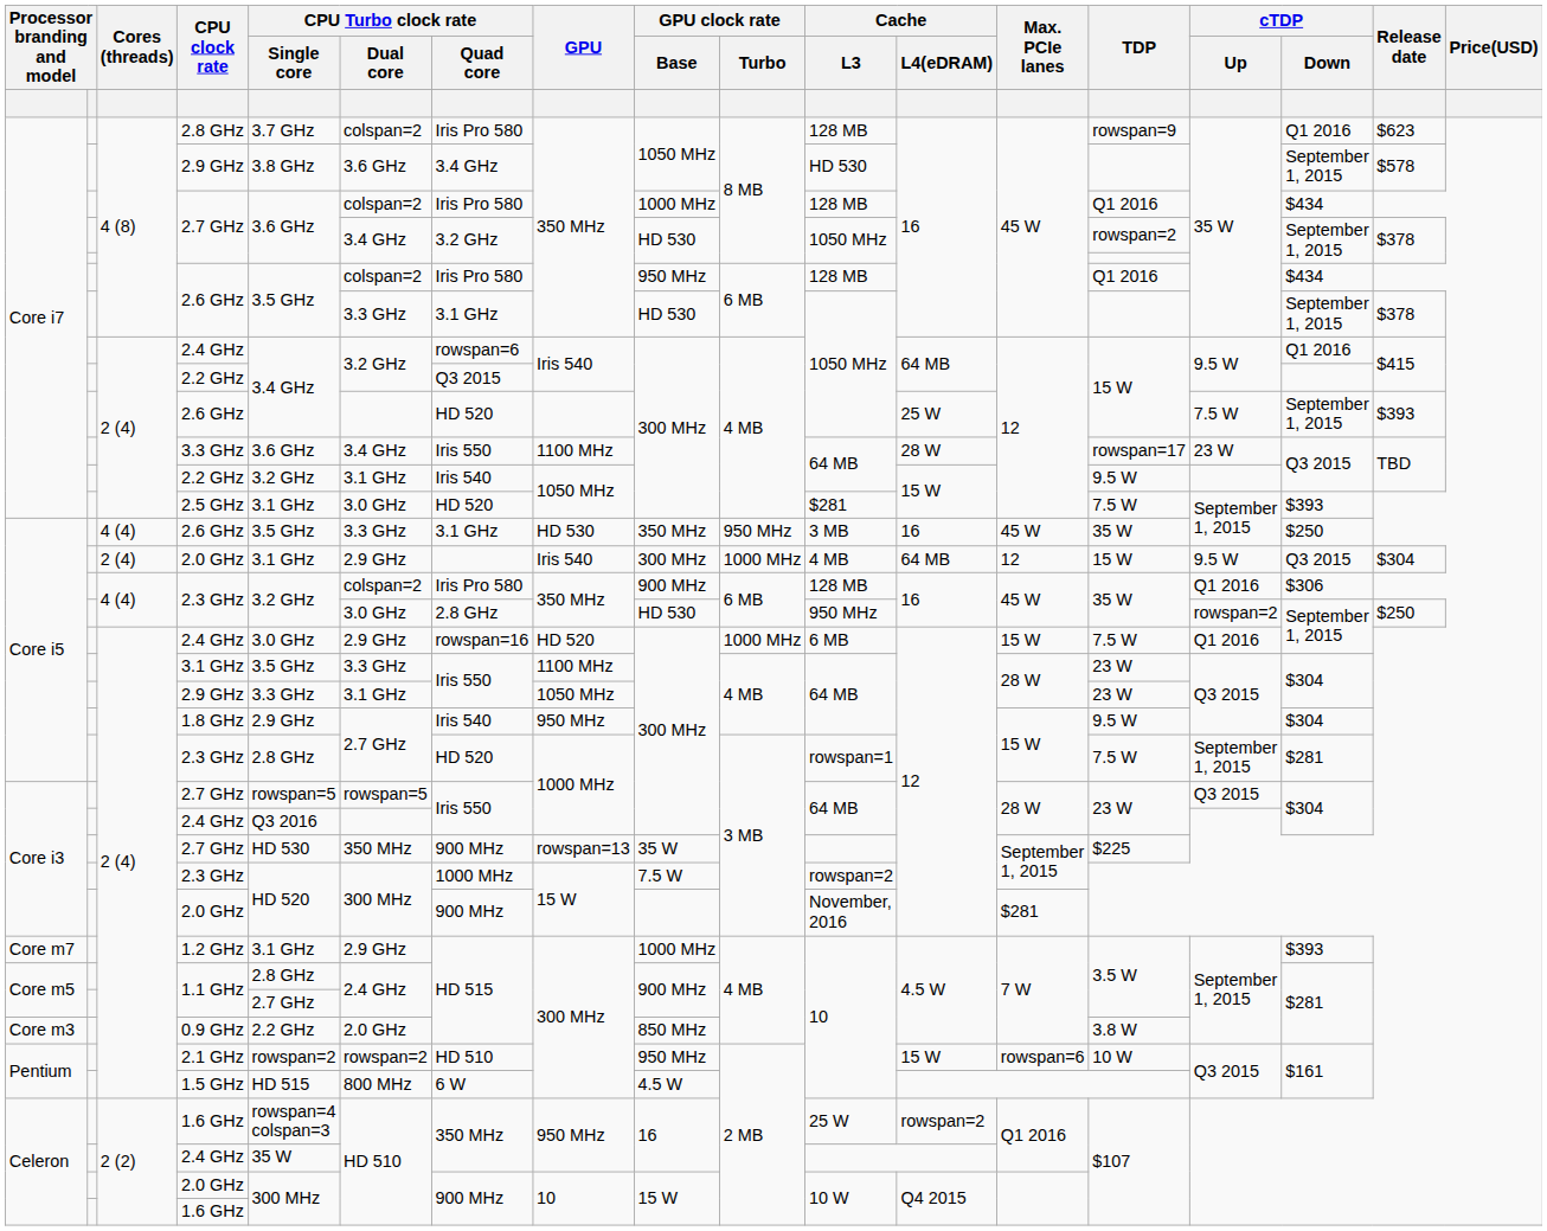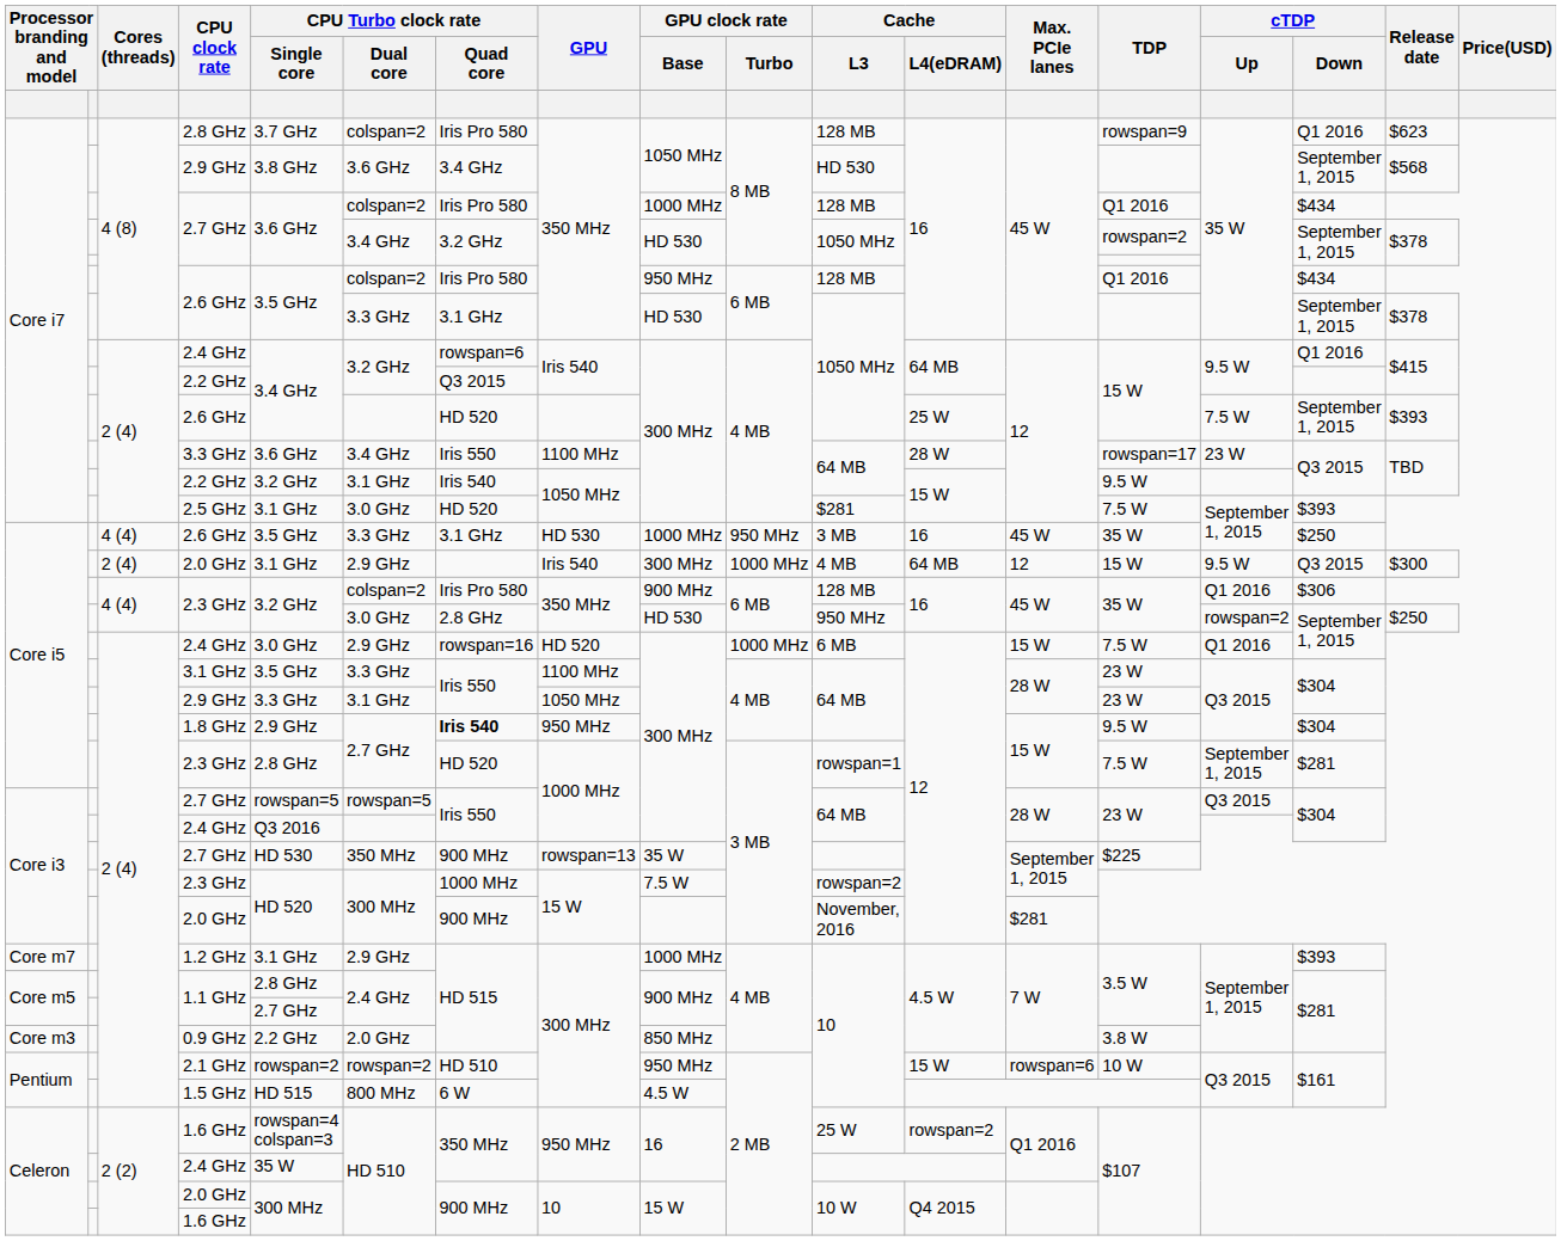 <table class="wikitable sortable mw-datatable" style=text-align: center;>
 <tr>
 <th rowspan=2 colspan=2>Processor<br>branding and<br>model</th>
 <th rowspan=2>Cores<br>(threads)</th>
 <th rowspan=2>CPU<br><a href='#'>clock<br>rate</a></th>
 <th colspan=3>CPU <a href='#'>Turbo</a> clock rate</th>
 <th rowspan=2><a href='#'>GPU</a></th>
 <th colspan=2>GPU clock rate</th>
 <th colspan="2">Cache</th>
 <th rowspan=2>Max.<br>PCIe<br>lanes</th>
 <th rowspan=2 data-sort-type=number>TDP</th>
 <th colspan=2><a href='#'>cTDP</a></th>
 <th rowspan=2>Release date</th>
 <th rowspan=2>Price(USD)</th>
 </tr>
 <tr>
 <th>Single<br>core</th>
 <th>Dual<br>core </th>
 <th>Quad<br>core </th>
 <th>Base</th>
 <th>Turbo</th>
 <th>L3</th>
 <th>L4(eDRAM)</th>
 <th data-sort-type="number">Up</th>
 <th data-sort-type=number>Down</th>
 </tr>
 <tr>
 <th style="background-position:center"><br></th>
 <th style="background-position:center"></th>
 <th style="background-position:center"></th>
 <th style="background-position:center"></th>
 <th style="background-position:center"></th>
 <th style="background-position:center"></th>
 <th style="background-position:center"></th>
 <th style="background-position:center"></th>
 <th style="background-position:center"></th>
 <th style="background-position:center"></th>
 <th style="background-position:center"></th>
 <th style="background-position:center"></th>
 <th style="background-position:center"></th>
 <th style="background-position:center"></th>
 <th style="background-position:center"></th>
 <th style="background-position:center"></th>
 <th style="background-position:center"></th>
 <th style="background-position:center"></th>
 </tr>
 <tr>
 <td rowspan=13>Core i7</td>
 <td></td>
 <td rowspan=7>4 (8)</td>
 <td>2.8 GHz</td>
 <td>3.7 GHz</td>
 <td>colspan=2 </td>
 <td>Iris Pro 580</td>
 <td rowspan=7>350 MHz</td>
 <td rowspan=2>1050 MHz</td>
 <td rowspan=5>8 MB</td>
 <td>128 MB</td>
 <td rowspan=7>16</td>
 <td rowspan=7>45 W</td>
 <td>rowspan=9 </td>
 <td rowspan=7>35 W</td>
 <td>Q1 2016</td>
 <td>$623</td>
 </tr>
 <tr>
 <td><strong></strong></td>
 <td>2.9 GHz</td>
 <td>3.8 GHz</td>
 <td>3.6 GHz</td>
 <td>3.4 GHz</td>
 <td>HD 530</td>
 <td></td>
 <td>September 1, 2015</td>
-<td>$578</td>
+<td>$568</td>
 </tr>
 <tr>
 <td></td>
 <td rowspan=3>2.7 GHz</td>
 <td rowspan=3>3.6 GHz</td>
 <td>colspan=2 </td>
 <td>Iris Pro 580</td>
 <td>1000 MHz</td>
 <td>128 MB</td>
 <td>Q1 2016</td>
 <td>$434</td>
 </tr>
 <tr>
 <td><strong></strong></td>
 <td rowspan=2>3.4 GHz</td>
 <td rowspan=2>3.2 GHz</td>
 <td rowspan=2>HD 530</td>
 <td rowspan=2>1050 MHz</td>
 <td>rowspan=2 </td>
 <td rowspan=2>September 1, 2015</td>
 <td rowspan=2>$378</td>
 </tr>
 <tr>
 <td><strong></strong></td>
 </tr>
 <tr>
 <td></td>
 <td rowspan=2>2.6 GHz</td>
 <td rowspan=2>3.5 GHz</td>
 <td>colspan=2 </td>
 <td>Iris Pro 580</td>
 <td>950 MHz</td>
 <td rowspan=2>6 MB</td>
 <td>128 MB</td>
 <td>Q1 2016</td>
 <td>$434</td>
 </tr>
 <tr>
 <td><strong></strong></td>
 <td>3.3 GHz</td>
 <td>3.1 GHz</td>
 <td>HD 530</td>
 <td rowspan=4>1050 MHz</td>
 <td></td>
 <td>September 1, 2015</td>
 <td>$378</td>
 </tr>
 <tr>
 <td><strong></strong></td>
 <td rowspan=6>2 (4)</td>
 <td>2.4 GHz</td>
 <td rowspan=3>3.4 GHz</td>
 <td rowspan=2>3.2 GHz</td>
 <td>rowspan=6 </td>
 <td rowspan=2>Iris 540</td>
 <td rowspan=6>300 MHz</td>
 <td rowspan=6>4 MB</td>
 <td rowspan=2>64 MB</td>
 <td rowspan=6>12</td>
 <td rowspan=3>15 W</td>
 <td rowspan=2>9.5 W</td>
 <td>Q1 2016</td>
 <td rowspan=2>$415</td>
 </tr>
 <tr>
 <td><strong></strong></td>
 <td>2.2 GHz</td>
 <td>Q3 2015</td>
 </tr>
 <tr>
 <td><strong></strong></td>
 <td>2.6 GHz</td>
 <td></td>
 <td>HD 520</td>
 <td></td>
 <td>25 W</td>
 <td>7.5 W</td>
 <td>September 1, 2015</td>
 <td>$393</td>
 </tr>
 <tr>
 <td><strong></strong></td>
 <td>3.3 GHz</td>
 <td>3.6 GHz</td>
 <td>3.4 GHz</td>
 <td>Iris 550</td>
 <td>1100 MHz</td>
 <td rowspan=2>64 MB</td>
 <td>28 W</td>
 <td>rowspan=17 </td>
 <td>23 W</td>
 <td rowspan=2>Q3 2015</td>
 <td rowspan=2>TBD</td>
 </tr>
 <tr>
 <td><strong></strong></td>
 <td>2.2 GHz</td>
 <td>3.2 GHz</td>
 <td>3.1 GHz</td>
 <td>Iris 540</td>
 <td rowspan=2>1050 MHz</td>
 <td rowspan=2>15 W</td>
 <td>9.5 W</td>
 </tr>
 <tr>
 <td><strong></strong></td>
 <td>2.5 GHz</td>
 <td>3.1 GHz</td>
 <td>3.0 GHz</td>
 <td>HD 520</td>
 <td>$281</td>
 <td>7.5 W</td>
 <td rowspan=2>September 1, 2015</td>
 <td>$393</td>
 </tr>
 <tr>
 <td rowspan=9>Core i5</td>
 <td><strong></strong></td>
 <td>4 (4)</td>
 <td>2.6 GHz</td>
 <td>3.5 GHz</td>
 <td>3.3 GHz</td>
 <td>3.1 GHz</td>
 <td>HD 530</td>
-<td>350 MHz</td>
+<td>1000 MHz</td>
 <td>950 MHz</td>
 <td>3 MB</td>
 <td>16</td>
 <td>45 W</td>
 <td>35 W</td>
 <td>$250</td>
 </tr>
 <tr>
 <td><strong></strong></td>
 <td>2 (4)</td>
 <td>2.0 GHz</td>
 <td>3.1 GHz</td>
 <td>2.9 GHz</td>
 <td></td>
 <td>Iris 540</td>
 <td>300 MHz</td>
 <td>1000 MHz</td>
 <td>4 MB</td>
 <td>64 MB</td>
 <td>12</td>
 <td>15 W</td>
 <td>9.5 W</td>
 <td>Q3 2015</td>
-<td>$304</td>
+<td>$300</td>
 </tr>
 <tr>
 <td></td>
 <td rowspan=2>4 (4)</td>
 <td rowspan=2>2.3 GHz</td>
 <td rowspan=2>3.2 GHz</td>
 <td>colspan=2 </td>
 <td>Iris Pro 580</td>
 <td rowspan=2>350 MHz</td>
 <td>900 MHz</td>
 <td rowspan=2>6 MB</td>
 <td>128 MB</td>
 <td rowspan=2>16</td>
 <td rowspan=2>45 W</td>
 <td rowspan=2>35 W</td>
 <td>Q1 2016</td>
 <td>$306</td>
 </tr>
 <tr>
 <td><strong></strong></td>
 <td>3.0 GHz</td>
 <td>2.8 GHz</td>
 <td>HD 530</td>
 <td>950 MHz</td>
 <td>rowspan=2 </td>
 <td rowspan=2>September 1, 2015</td>
 <td>$250</td>
 </tr>
 <tr>
 <td><strong></strong></td>
 <td rowspan=16>2 (4)</td>
 <td>2.4 GHz</td>
 <td>3.0 GHz</td>
 <td>2.9 GHz</td>
 <td>rowspan=16 </td>
 <td>HD 520</td>
 <td rowspan=7>300 MHz</td>
 <td>1000 MHz</td>
 <td>6 MB</td>
 <td rowspan=10>12</td>
 <td>15 W</td>
 <td>7.5 W</td>
 <td>Q1 2016</td>
 </tr>
 <tr>
 <td><strong></strong></td>
 <td>3.1 GHz</td>
 <td>3.5 GHz</td>
 <td>3.3 GHz</td>
 <td rowspan=2>Iris 550</td>
 <td>1100 MHz</td>
 <td rowspan=3>4 MB</td>
 <td rowspan=3>64 MB</td>
 <td rowspan=2>28 W</td>
 <td>23 W</td>
 <td rowspan=3>Q3 2015</td>
 <td rowspan=2>$304</td>
 </tr>
 <tr>
 <td><strong></strong></td>
 <td>2.9 GHz</td>
 <td>3.3 GHz</td>
 <td>3.1 GHz</td>
 <td>1050 MHz</td>
 <td>23 W</td>
 </tr>
 <tr>
 <td><strong></strong></td>
 <td>1.8 GHz</td>
 <td>2.9 GHz</td>
 <td rowspan=2>2.7 GHz</td>
-<td>Iris 540</td>
+<td><strong>Iris 540</strong></td>
 <td>950 MHz</td>
 <td rowspan=2>15 W</td>
 <td>9.5 W</td>
 <td>$304</td>
 </tr>
 <tr>
 <td><strong></strong></td>
 <td>2.3 GHz</td>
 <td>2.8 GHz</td>
 <td>HD 520</td>
 <td rowspan=3>1000 MHz</td>
 <td rowspan=6>3 MB</td>
 <td>rowspan=1 </td>
 <td>7.5 W</td>
 <td>September 1, 2015</td>
 <td>$281</td>
 </tr>
 <tr>
 <td rowspan=5>Core i3</td>
 <td><strong></strong></td>
 <td>2.7 GHz</td>
 <td>rowspan=5 </td>
 <td>rowspan=5 </td>
 <td rowspan=2>Iris 550</td>
 <td rowspan=2>64 MB</td>
 <td rowspan=2>28 W</td>
 <td rowspan=2>23 W</td>
 <td>Q3 2015</td>
 <td rowspan=2>$304</td>
 </tr>
 <tr>
 <td><strong></strong></td>
 <td>2.4 GHz</td>
 <td>Q3 2016</td>
 </tr>
 <tr>
 <td><strong></strong></td>
 <td>2.7 GHz</td>
 <td>HD 530</td>
 <td>350 MHz</td>
 <td>900 MHz</td>
 <td>rowspan=13 </td>
 <td>35 W</td>
 <td></td>
 <td rowspan=2>September 1, 2015</td>
 <td>$225</td>
 </tr>
 <tr>
 <td><strong></strong></td>
 <td>2.3 GHz</td>
 <td rowspan=2>HD 520</td>
 <td rowspan=2>300 MHz</td>
 <td>1000 MHz</td>
 <td rowspan=2>15 W</td>
 <td>7.5 W</td>
 <td>rowspan=2 </td>
 </tr>
 <tr>
 <td><strong></strong></td>
 <td>2.0 GHz</td>
 <td>900 MHz</td>
 <td></td>
 <td>November, 2016</td>
 <td>$281</td>
 </tr>
 <tr>
 <td>Core m7</td>
 <td><strong></strong></td>
 <td>1.2 GHz</td>
 <td>3.1 GHz</td>
 <td>2.9 GHz</td>
 <td rowspan=4>HD 515</td>
 <td rowspan=6>300 MHz</td>
 <td>1000 MHz</td>
 <td rowspan=4>4 MB</td>
 <td rowspan=6>10</td>
 <td rowspan=4>4.5 W</td>
 <td rowspan=4>7 W</td>
 <td rowspan=3>3.5 W</td>
 <td rowspan=4>September 1, 2015</td>
 <td>$393</td>
 </tr>
 <tr>
 <td rowspan=2>Core m5</td>
 <td><strong></strong></td>
 <td rowspan=2>1.1 GHz</td>
 <td>2.8 GHz</td>
 <td rowspan=2>2.4 GHz</td>
 <td rowspan=2>900 MHz</td>
 <td rowspan=3>$281</td>
 </tr>
 <tr>
 <td><strong></strong></td>
 <td>2.7 GHz</td>
 </tr>
 <tr>
 <td>Core m3</td>
 <td><strong></strong></td>
 <td>0.9 GHz</td>
 <td>2.2 GHz</td>
 <td>2.0 GHz</td>
 <td>850 MHz</td>
 <td>3.8 W</td>
 </tr>
 <tr>
 <td rowspan=2>Pentium</td>
 <td><strong></strong></td>
 <td>2.1 GHz</td>
 <td>rowspan=2 </td>
 <td>rowspan=2 </td>
 <td>HD 510</td>
 <td>950 MHz</td>
 <td rowspan=6>2 MB</td>
 <td>15 W</td>
 <td>rowspan=6 </td>
 <td>10 W</td>
 <td rowspan=2>Q3 2015</td>
 <td rowspan=2>$161</td>
 </tr>
 <tr>
 <td><strong></strong></td>
 <td>1.5 GHz</td>
 <td>HD 515</td>
 <td>800 MHz</td>
 <td>6 W</td>
 <td>4.5 W</td>
 </tr>
 <tr>
 <td rowspan=4>Celeron</td>
 <td></td>
 <td rowspan=4>2 (2)</td>
 <td>1.6 GHz</td>
 <td>rowspan=4 colspan=3 </td>
 <td rowspan=4>HD 510</td>
 <td rowspan=2>350 MHz</td>
 <td rowspan=2>950 MHz</td>
 <td rowspan=2>16</td>
 <td>25 W</td>
 <td>rowspan=2 </td>
 <td rowspan=2>Q1 2016</td>
 <td rowspan=4>$107</td>
 </tr>
 <tr>
 <td></td>
 <td>2.4 GHz</td>
 <td>35 W</td>
 </tr>
 <tr>
 <td></td>
 <td>2.0 GHz</td>
 <td rowspan=2>300 MHz</td>
 <td rowspan=2>900 MHz</td>
 <td rowspan=2>10</td>
 <td rowspan=2>15 W</td>
 <td rowspan=2>10 W</td>
 <td rowspan=2>Q4 2015</td>
 </tr>
 <tr>
 <td></td>
 <td>1.6 GHz</td>
 </tr>
 </table>
